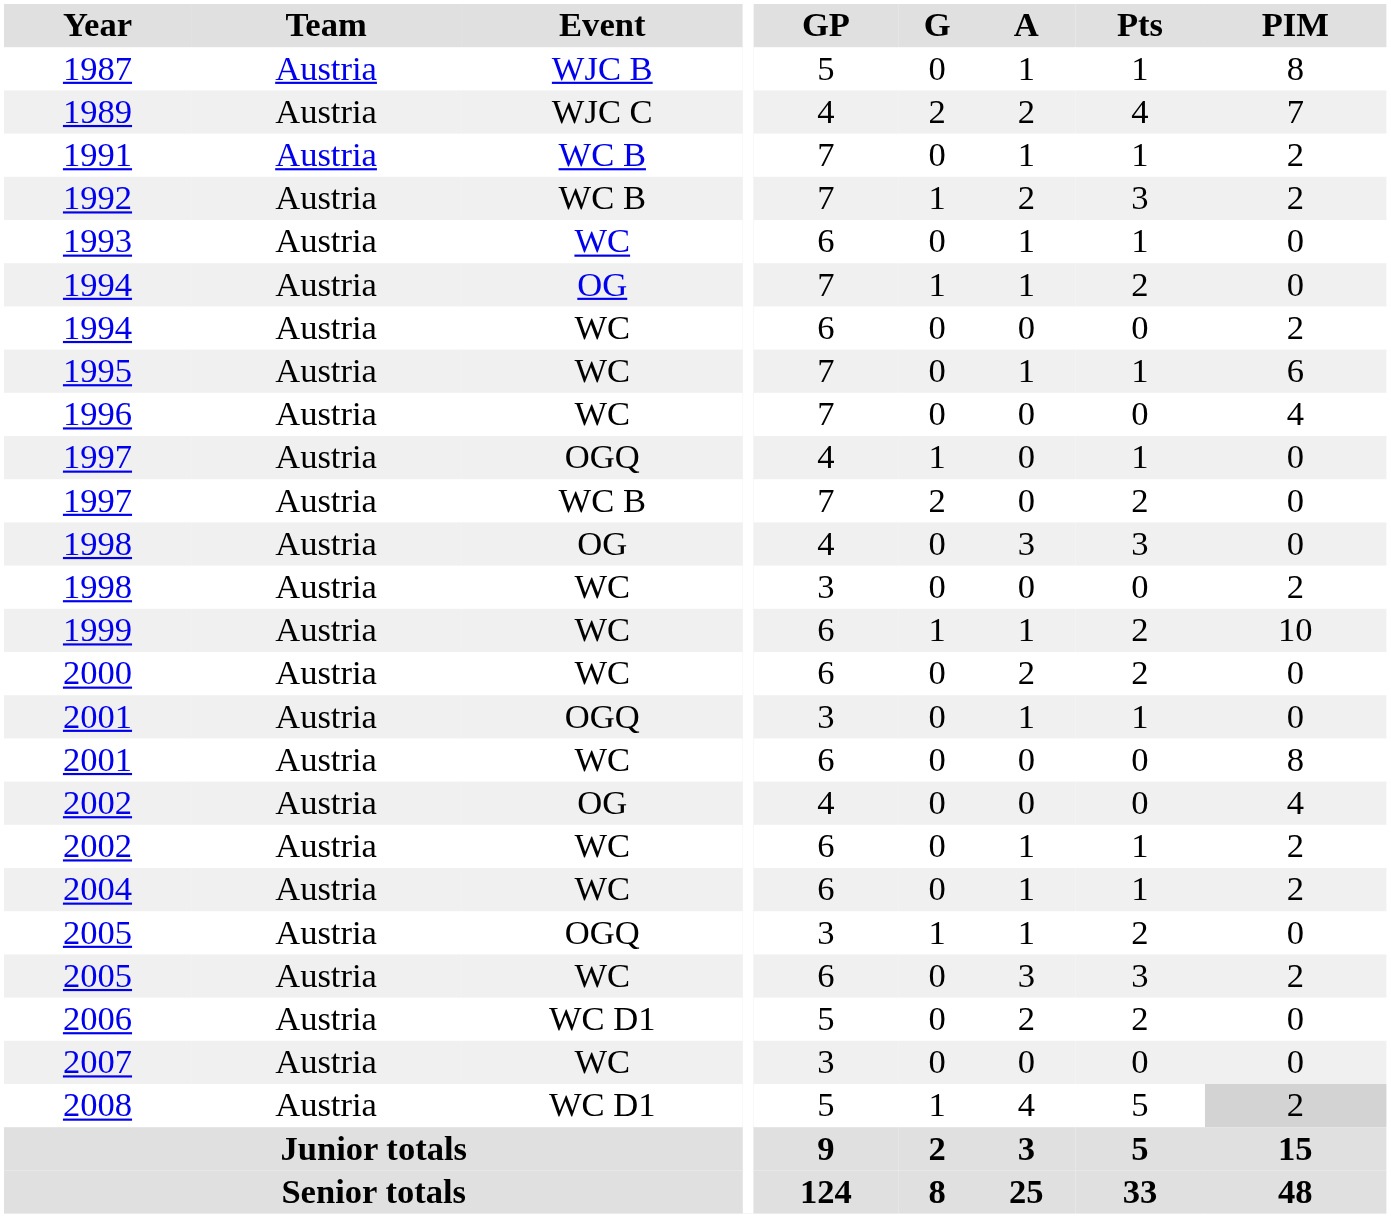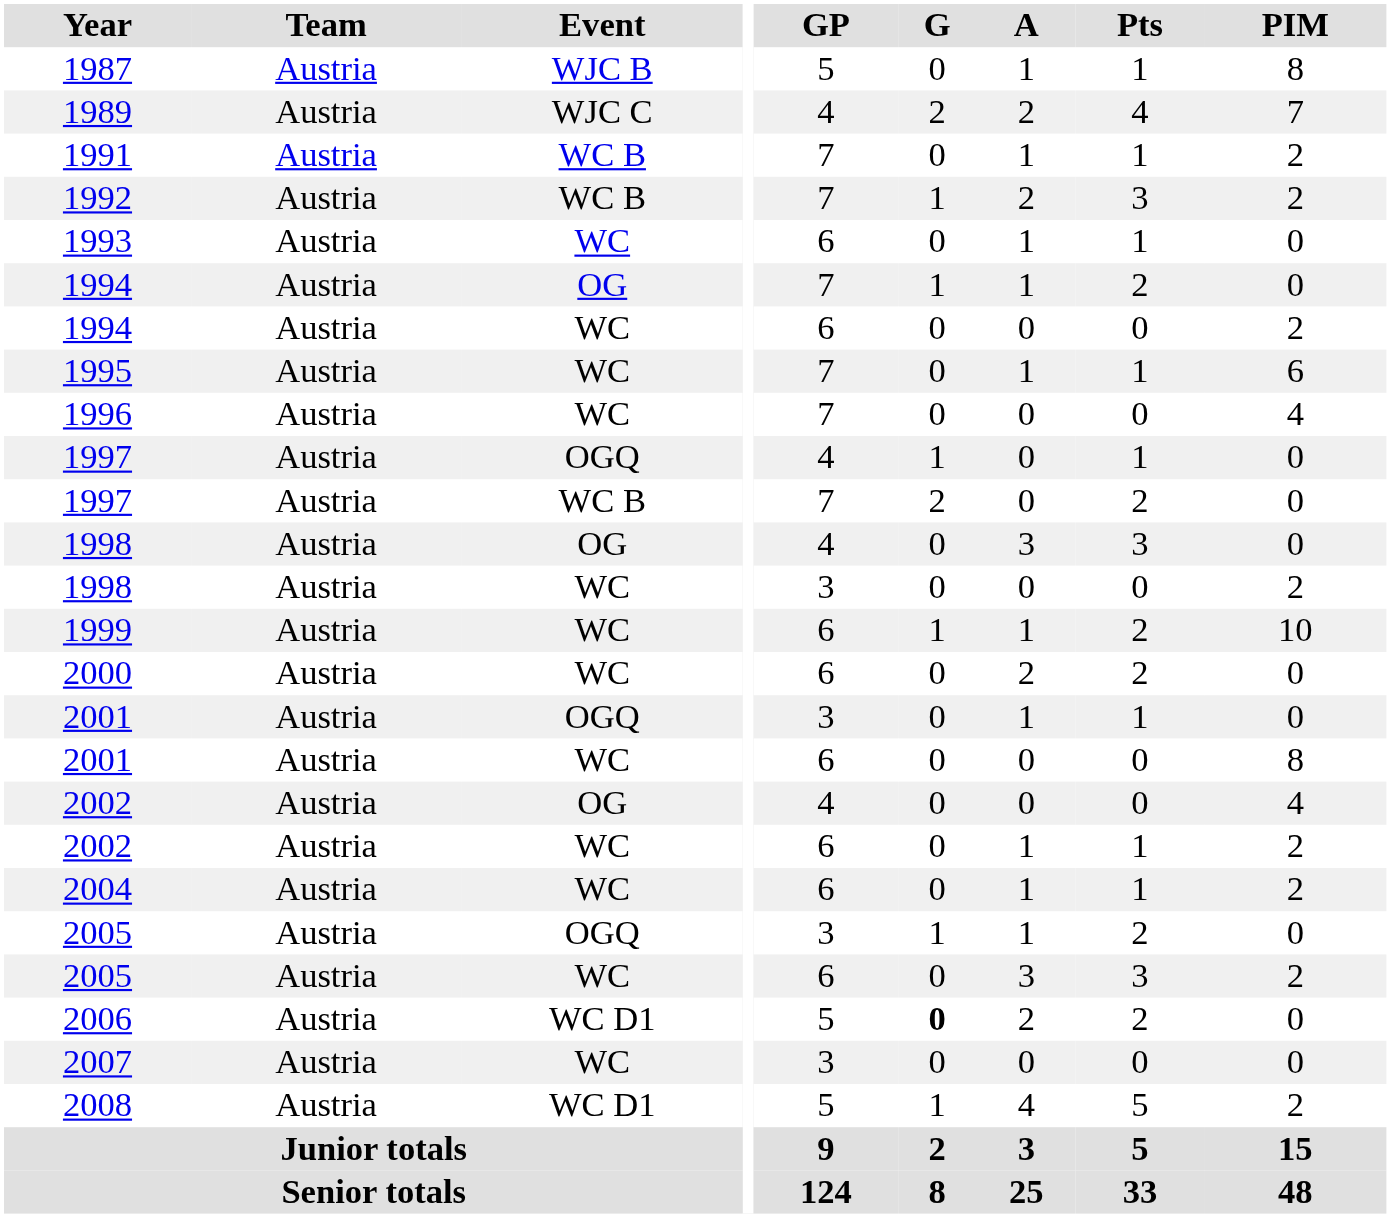 <table border="0" cellpadding="1" cellspacing="0" style="text-align:center; width:40em">
 <tr bgcolor="#e0e0e0">
 <th>Year</th>
 <th>Team</th>
 <th>Event</th>
 <th rowspan="99" bgcolor="#ffffff"></th>
 <th>GP</th>
 <th>G</th>
 <th>A</th>
 <th>Pts</th>
 <th>PIM</th>
 </tr>
 <tr>
 <td><a href='#'>1987</a></td>
 <td><a href='#'>Austria</a></td>
 <td><a href='#'>WJC B</a></td>
 <td>5</td>
 <td>0</td>
 <td>1</td>
 <td>1</td>
 <td>8</td>
 </tr>
 <tr bgcolor="#f0f0f0">
 <td><a href='#'>1989</a></td>
 <td>Austria</td>
 <td>WJC C</td>
 <td>4</td>
 <td>2</td>
 <td>2</td>
 <td>4</td>
 <td>7</td>
 </tr>
 <tr>
 <td><a href='#'>1991</a></td>
 <td><a href='#'>Austria</a></td>
 <td><a href='#'>WC B</a></td>
 <td>7</td>
 <td>0</td>
 <td>1</td>
 <td>1</td>
 <td>2</td>
 </tr>
 <tr bgcolor="#f0f0f0">
 <td><a href='#'>1992</a></td>
 <td>Austria</td>
 <td>WC B</td>
 <td>7</td>
 <td>1</td>
 <td>2</td>
 <td>3</td>
 <td>2</td>
 </tr>
 <tr>
 <td><a href='#'>1993</a></td>
 <td>Austria</td>
 <td><a href='#'>WC</a></td>
 <td>6</td>
 <td>0</td>
 <td>1</td>
 <td>1</td>
 <td>0</td>
 </tr>
 <tr bgcolor="#f0f0f0">
 <td><a href='#'>1994</a></td>
 <td>Austria</td>
 <td><a href='#'>OG</a></td>
 <td>7</td>
 <td>1</td>
 <td>1</td>
 <td>2</td>
 <td>0</td>
 </tr>
 <tr>
 <td><a href='#'>1994</a></td>
 <td>Austria</td>
 <td>WC</td>
 <td>6</td>
 <td>0</td>
 <td>0</td>
 <td>0</td>
 <td>2</td>
 </tr>
 <tr bgcolor="#f0f0f0">
 <td><a href='#'>1995</a></td>
 <td>Austria</td>
 <td>WC</td>
 <td>7</td>
 <td>0</td>
 <td>1</td>
 <td>1</td>
 <td>6</td>
 </tr>
 <tr>
 <td><a href='#'>1996</a></td>
 <td>Austria</td>
 <td>WC</td>
 <td>7</td>
 <td>0</td>
 <td>0</td>
 <td>0</td>
 <td>4</td>
 </tr>
 <tr bgcolor="#f0f0f0">
 <td><a href='#'>1997</a></td>
 <td>Austria</td>
 <td>OGQ</td>
 <td>4</td>
 <td>1</td>
 <td>0</td>
 <td>1</td>
 <td>0</td>
 </tr>
 <tr>
 <td><a href='#'>1997</a></td>
 <td>Austria</td>
 <td>WC B</td>
 <td>7</td>
 <td>2</td>
 <td>0</td>
 <td>2</td>
 <td>0</td>
 </tr>
 <tr bgcolor="#f0f0f0">
 <td><a href='#'>1998</a></td>
 <td>Austria</td>
 <td>OG</td>
 <td>4</td>
 <td>0</td>
 <td>3</td>
 <td>3</td>
 <td>0</td>
 </tr>
 <tr>
 <td><a href='#'>1998</a></td>
 <td>Austria</td>
 <td>WC</td>
 <td>3</td>
 <td>0</td>
 <td>0</td>
 <td>0</td>
 <td>2</td>
 </tr>
 <tr bgcolor="#f0f0f0">
 <td><a href='#'>1999</a></td>
 <td>Austria</td>
 <td>WC</td>
 <td>6</td>
 <td>1</td>
 <td>1</td>
 <td>2</td>
 <td>10</td>
 </tr>
 <tr>
 <td><a href='#'>2000</a></td>
 <td>Austria</td>
 <td>WC</td>
 <td>6</td>
 <td>0</td>
 <td>2</td>
 <td>2</td>
 <td>0</td>
 </tr>
 <tr bgcolor="#f0f0f0">
 <td><a href='#'>2001</a></td>
 <td>Austria</td>
 <td>OGQ</td>
 <td>3</td>
 <td>0</td>
 <td>1</td>
 <td>1</td>
 <td>0</td>
 </tr>
 <tr>
 <td><a href='#'>2001</a></td>
 <td>Austria</td>
 <td>WC</td>
 <td>6</td>
 <td>0</td>
 <td>0</td>
 <td>0</td>
 <td>8</td>
 </tr>
 <tr bgcolor="#f0f0f0">
 <td><a href='#'>2002</a></td>
 <td>Austria</td>
 <td>OG</td>
 <td>4</td>
 <td>0</td>
 <td>0</td>
 <td>0</td>
 <td>4</td>
 </tr>
 <tr>
 <td><a href='#'>2002</a></td>
 <td>Austria</td>
 <td>WC</td>
 <td>6</td>
 <td>0</td>
 <td>1</td>
 <td>1</td>
 <td>2</td>
 </tr>
 <tr bgcolor="#f0f0f0">
 <td><a href='#'>2004</a></td>
 <td>Austria</td>
 <td>WC</td>
 <td>6</td>
 <td>0</td>
 <td>1</td>
 <td>1</td>
 <td>2</td>
 </tr>
 <tr>
 <td><a href='#'>2005</a></td>
 <td>Austria</td>
 <td>OGQ</td>
 <td>3</td>
 <td>1</td>
 <td>1</td>
 <td>2</td>
 <td>0</td>
 </tr>
 <tr bgcolor="#f0f0f0">
 <td><a href='#'>2005</a></td>
 <td>Austria</td>
 <td>WC</td>
 <td>6</td>
 <td>0</td>
 <td>3</td>
 <td>3</td>
 <td>2</td>
 </tr>
 <tr>
 <td><a href='#'>2006</a></td>
 <td>Austria</td>
 <td>WC D1</td>
 <td>5</td>
-<td>0</td>
+<td><strong>0</strong></td>
 <td>2</td>
 <td>2</td>
 <td>0</td>
 </tr>
 <tr bgcolor="#f0f0f0">
 <td><a href='#'>2007</a></td>
 <td>Austria</td>
 <td>WC</td>
 <td>3</td>
 <td>0</td>
 <td>0</td>
 <td>0</td>
 <td>0</td>
 </tr>
 <tr>
 <td><a href='#'>2008</a></td>
 <td>Austria</td>
 <td>WC D1</td>
 <td>5</td>
 <td>1</td>
 <td>4</td>
 <td>5</td>
-<td style="background: lightgrey;">2</td>
+<td>2</td>
 </tr>
 <tr bgcolor="#e0e0e0">
 <th colspan="3">Junior totals</th>
 <th>9</th>
 <th>2</th>
 <th>3</th>
 <th>5</th>
 <th>15</th>
 </tr>
 <tr bgcolor="#e0e0e0">
 <th colspan="3">Senior totals</th>
 <th>124</th>
 <th>8</th>
 <th>25</th>
 <th>33</th>
 <th>48</th>
 </tr>
 </table>
